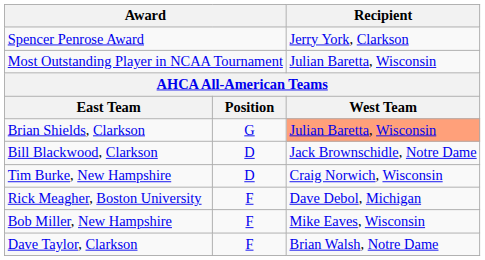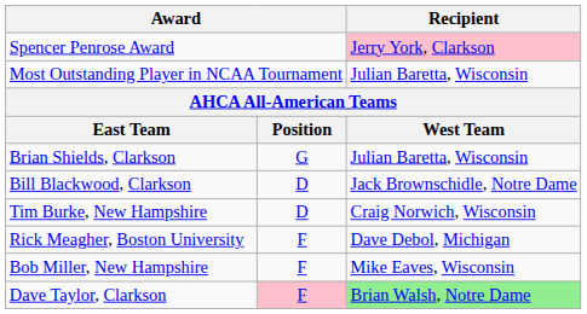 <table class="wikitable">
 <tr>
 <th colspan=2>Award</th>
 <th>Recipient</th>
 </tr>
 <tr>
 <td colspan=2><a href='#'>Spencer Penrose Award</a></td>
-<td><a href='#'>Jerry York</a>, <a href='#'>Clarkson</a></td>
+<td style="background: pink;"><a href='#'>Jerry York</a>, <a href='#'>Clarkson</a></td>
 </tr>
 <tr>
 <td colspan=2><a href='#'>Most Outstanding Player in NCAA Tournament</a></td>
 <td><a href='#'>Julian Baretta</a>, <a href='#'>Wisconsin</a></td>
 </tr>
 <tr>
 <th colspan=3><a href='#'>AHCA All-American Teams</a></th>
 </tr>
 <tr>
 <th>East Team</th>
 <th>  Position  </th>
 <th>West Team</th>
 </tr>
 <tr>
 <td><a href='#'>Brian Shields</a>, <a href='#'>Clarkson</a></td>
 <td align=center><a href='#'>G</a></td>
-<td style="background: lightsalmon;"><a href='#'>Julian Baretta</a>, <a href='#'>Wisconsin</a></td>
+<td><a href='#'>Julian Baretta</a>, <a href='#'>Wisconsin</a></td>
 </tr>
 <tr>
 <td><a href='#'>Bill Blackwood</a>, <a href='#'>Clarkson</a></td>
 <td align=center><a href='#'>D</a></td>
 <td><a href='#'>Jack Brownschidle</a>, <a href='#'>Notre Dame</a></td>
 </tr>
 <tr>
 <td><a href='#'>Tim Burke</a>, <a href='#'>New Hampshire</a></td>
 <td align=center><a href='#'>D</a></td>
 <td><a href='#'>Craig Norwich</a>, <a href='#'>Wisconsin</a></td>
 </tr>
 <tr>
 <td><a href='#'>Rick Meagher</a>, <a href='#'>Boston University</a></td>
 <td align=center><a href='#'>F</a></td>
 <td><a href='#'>Dave Debol</a>, <a href='#'>Michigan</a></td>
 </tr>
 <tr>
 <td><a href='#'>Bob Miller</a>, <a href='#'>New Hampshire</a></td>
 <td align=center><a href='#'>F</a></td>
 <td><a href='#'>Mike Eaves</a>, <a href='#'>Wisconsin</a></td>
 </tr>
 <tr>
 <td><a href='#'>Dave Taylor</a>, <a href='#'>Clarkson</a></td>
-<td align=center><a href='#'>F</a></td>
-<td><a href='#'>Brian Walsh</a>, <a href='#'>Notre Dame</a></td>
+<td align=center style="background: pink;"><a href='#'>F</a></td>
+<td style="background: lightgreen;"><a href='#'>Brian Walsh</a>, <a href='#'>Notre Dame</a></td>
 </tr>
 </table>
